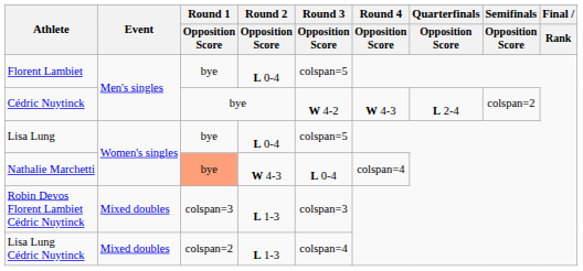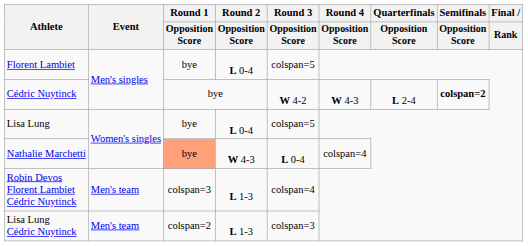 <table class=wikitable style="font-size:90%">
 <tr>
 <th rowspan="2">Athlete</th>
 <th rowspan="2">Event</th>
 <th>Round 1</th>
 <th>Round 2</th>
 <th>Round 3</th>
 <th>Round 4</th>
 <th>Quarterfinals</th>
 <th>Semifinals</th>
 <th colspan=2>Final / </th>
 </tr>
 <tr style="font-size:95%">
 <th>Opposition<br>Score</th>
 <th>Opposition<br>Score</th>
 <th>Opposition<br>Score</th>
 <th>Opposition<br>Score</th>
 <th>Opposition<br>Score</th>
 <th>Opposition<br>Score</th>
 <th>Rank</th>
 </tr>
 <tr align=center>
 <td align=left><a href='#'>Florent Lambiet</a></td>
 <td align=left rowspan=2><a href='#'>Men's singles</a></td>
 <td>bye</td>
 <td><br><strong>L</strong> 0-4</td>
 <td>colspan=5 </td>
 </tr>
 <tr align=center>
 <td align=left><a href='#'>Cédric Nuytinck</a></td>
 <td colspan=2>bye</td>
 <td><br><strong>W</strong> 4-2</td>
 <td><br><strong>W</strong> 4-3</td>
 <td><br><strong>L</strong> 2-4</td>
-<td>colspan=2 </td>
+<td><strong>colspan=2 </strong></td>
 </tr>
 <tr align=center>
 <td align=left>Lisa Lung</td>
 <td align=left rowspan=2><a href='#'>Women's singles</a></td>
 <td>bye</td>
 <td><br><strong>L</strong> 0-4</td>
 <td>colspan=5 </td>
 </tr>
 <tr align=center>
 <td align=left><a href='#'>Nathalie Marchetti</a></td>
 <td style="background: lightsalmon;">bye</td>
 <td><br><strong>W</strong> 4-3</td>
 <td><br><strong>L</strong> 0-4</td>
 <td>colspan=4 </td>
 </tr>
 <tr align=center>
 <td align=left><a href='#'>Robin Devos</a><br><a href='#'>Florent Lambiet</a><br><a href='#'>Cédric Nuytinck</a></td>
-<td align=left><a href='#'>Mixed doubles</a></td>
+<td align=left><a href='#'>Men's team</a></td>
 <td>colspan=3 </td>
+<td><br><strong>L</strong> 1-3</td>
+<td>colspan=4 </td>
+</tr>
+<tr align=center>
+<td align=left>Lisa Lung<br><a href='#'>Cédric Nuytinck</a></td>
+<td align=left><a href='#'>Men's team</a></td>
+<td>colspan=2 </td>
 <td><br><strong>L</strong> 1-3</td>
 <td>colspan=3 </td>
 </tr>
-<tr align=center>
-<td align=left>Lisa Lung<br><a href='#'>Cédric Nuytinck</a></td>
-<td align=left><a href='#'>Mixed doubles</a></td>
-<td>colspan=2 </td>
-<td><br><strong>L</strong> 1-3</td>
-<td>colspan=4 </td>
-</tr>
 </table>
